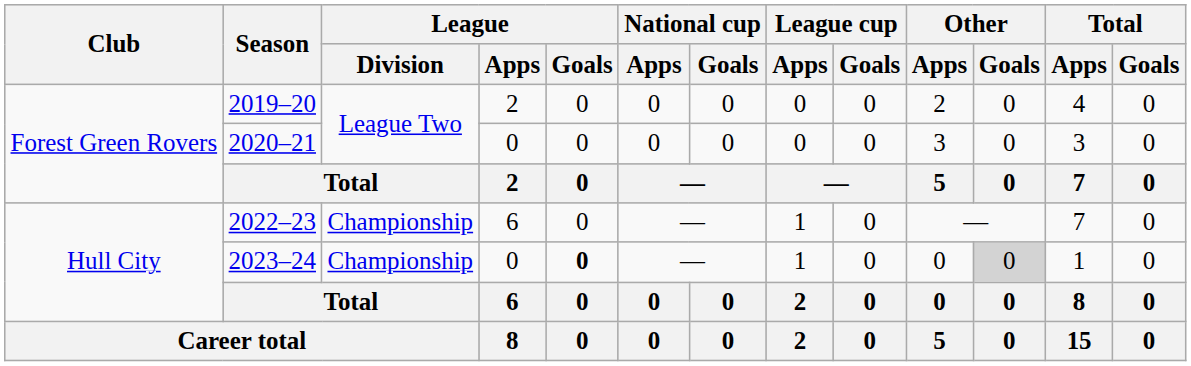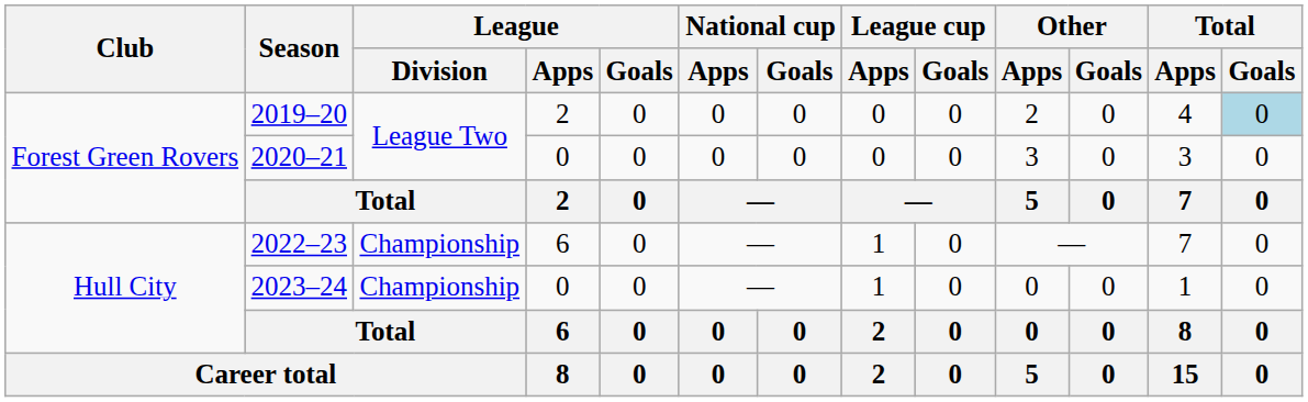 <table class="wikitable" style="text-align: center">
 <tr>
 <th rowspan="2">Club</th>
 <th rowspan="2">Season</th>
 <th colspan="3">League</th>
 <th colspan="2">National cup</th>
 <th colspan="2">League cup</th>
 <th colspan="2">Other</th>
 <th colspan="2">Total</th>
 </tr>
 <tr>
 <th>Division</th>
 <th>Apps</th>
 <th>Goals</th>
 <th>Apps</th>
 <th>Goals</th>
 <th>Apps</th>
 <th>Goals</th>
 <th>Apps</th>
 <th>Goals</th>
 <th>Apps</th>
 <th>Goals</th>
 </tr>
 <tr>
 <td rowspan="3"><a href='#'>Forest Green Rovers</a></td>
 <td><a href='#'>2019–20</a></td>
 <td rowspan="2"><a href='#'>League Two</a></td>
 <td>2</td>
 <td>0</td>
 <td>0</td>
 <td>0</td>
 <td>0</td>
 <td>0</td>
 <td>2</td>
 <td>0</td>
 <td>4</td>
-<td>0</td>
+<td style="background: lightblue;">0</td>
 </tr>
 <tr>
 <td><a href='#'>2020–21</a></td>
 <td>0</td>
 <td>0</td>
 <td>0</td>
 <td>0</td>
 <td>0</td>
 <td>0</td>
 <td>3</td>
 <td>0</td>
 <td>3</td>
 <td>0</td>
 </tr>
 <tr>
 <th colspan="2">Total</th>
 <th>2</th>
 <th>0</th>
 <th colspan="2">—</th>
 <th colspan="2">—</th>
 <th>5</th>
 <th>0</th>
 <th>7</th>
 <th>0</th>
 </tr>
 <tr>
 <td rowspan="3"><a href='#'>Hull City</a></td>
 <td><a href='#'>2022–23</a></td>
 <td><a href='#'>Championship</a></td>
 <td>6</td>
 <td>0</td>
 <td colspan="2">—</td>
 <td>1</td>
 <td>0</td>
 <td colspan="2">—</td>
 <td>7</td>
 <td>0</td>
 </tr>
 <tr>
 <td><a href='#'>2023–24</a></td>
 <td><a href='#'>Championship</a></td>
 <td>0</td>
-<td><strong>0</strong></td>
+<td>0</td>
 <td colspan="2">—</td>
 <td>1</td>
 <td>0</td>
 <td>0</td>
-<td style="background: lightgrey;">0</td>
+<td>0</td>
 <td>1</td>
 <td>0</td>
 </tr>
 <tr>
 <th colspan="2">Total</th>
 <th>6</th>
 <th>0</th>
 <th>0</th>
 <th>0</th>
 <th>2</th>
 <th>0</th>
 <th>0</th>
 <th>0</th>
 <th>8</th>
 <th>0</th>
 </tr>
 <tr>
 <th colspan="3">Career total</th>
 <th>8</th>
 <th>0</th>
 <th>0</th>
 <th>0</th>
 <th>2</th>
 <th>0</th>
 <th>5</th>
 <th>0</th>
 <th>15</th>
 <th>0</th>
 </tr>
 </table>
